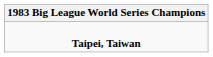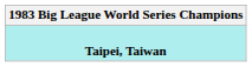 <table class="wikitable" style="text-align: center; margin: 0 auto;">
 <tr>
 <th>1983 Big League World Series Champions</th>
 </tr>
 <tr>
-<td><br><strong>Taipei, Taiwan</strong></td>
+<td style="background: paleturquoise;"><br><strong>Taipei, Taiwan</strong></td>
 </tr>
 </table>
